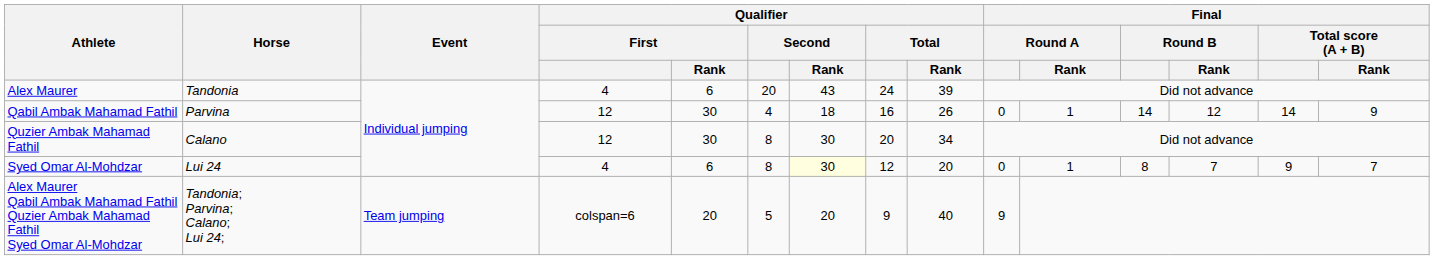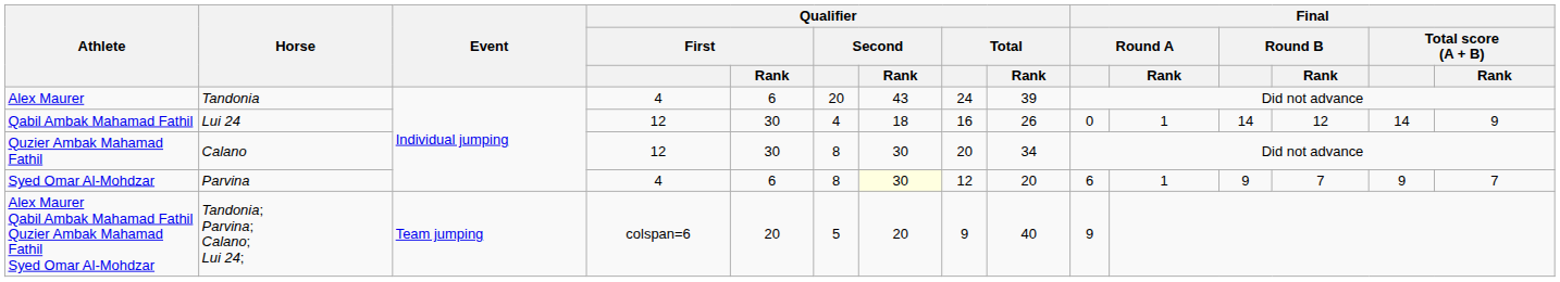 <table class="wikitable" width="100%" style="text-align:center; font-size:90%;">
 <tr>
 <th rowspan="3" width="10%">Athlete</th>
 <th rowspan="3" width="10%">Horse</th>
 <th rowspan="3" width="10%">Event</th>
 <th colspan="6" width="25%">Qualifier</th>
 <th colspan="6" width="25%">Final</th>
 </tr>
 <tr>
 <th colspan="2">First</th>
 <th colspan="2">Second</th>
 <th colspan="2">Total</th>
 <th colspan="2">Round A</th>
 <th colspan="2">Round B</th>
 <th colspan="2">Total score<br>(A + B)</th>
 </tr>
 <tr>
 <th></th>
 <th>Rank</th>
 <th></th>
 <th>Rank</th>
 <th></th>
 <th>Rank</th>
 <th></th>
 <th>Rank</th>
 <th></th>
 <th>Rank</th>
 <th></th>
 <th>Rank</th>
 </tr>
 <tr>
 <td align=left><a href='#'>Alex Maurer</a></td>
 <td align=left><em>Tandonia</em></td>
 <td align=left rowspan=4><a href='#'>Individual jumping</a></td>
 <td>4</td>
 <td>6 <strong></strong></td>
 <td>20</td>
 <td>43</td>
 <td>24</td>
 <td>39</td>
 <td colspan=6>Did not advance</td>
 </tr>
 <tr>
 <td align=left><a href='#'>Qabil Ambak Mahamad Fathil</a></td>
-<td align=left><em>Parvina</em></td>
+<td align=left><em>Lui 24</em></td>
 <td>12</td>
 <td>30 <strong></strong></td>
 <td>4</td>
 <td>18</td>
 <td>16</td>
 <td>26 <strong></strong></td>
 <td>0</td>
 <td>1 <strong></strong></td>
 <td>14</td>
 <td>12</td>
 <td>14</td>
 <td>9</td>
 </tr>
 <tr>
 <td align=left><a href='#'>Quzier Ambak Mahamad Fathil</a></td>
 <td align=left><em>Calano</em></td>
 <td>12</td>
 <td>30 <strong></strong></td>
 <td>8</td>
 <td>30</td>
 <td>20</td>
 <td>34</td>
 <td colspan=6>Did not advance</td>
 </tr>
 <tr>
 <td align=left><a href='#'>Syed Omar Al-Mohdzar</a></td>
-<td align=left><em>Lui 24</em></td>
+<td align=left><em>Parvina</em></td>
 <td>4</td>
 <td>6 <strong></strong></td>
 <td>8</td>
 <td style="background: lightyellow;">30</td>
 <td>12</td>
 <td>20 <strong></strong></td>
-<td>0</td>
+<td>6</td>
 <td>1 <strong></strong></td>
-<td>8</td>
+<td>9</td>
 <td>7</td>
 <td>9</td>
 <td>7</td>
 </tr>
 <tr>
 <td align=left><a href='#'>Alex Maurer</a><br><a href='#'>Qabil Ambak Mahamad Fathil</a><br><a href='#'>Quzier Ambak Mahamad Fathil</a><br><a href='#'>Syed Omar Al-Mohdzar</a></td>
 <td align=left><em>Tandonia</em>;<br><em>Parvina</em>;<br><em>Calano</em>;<br><em>Lui 24</em>;</td>
 <td align=left rowspan=2><a href='#'>Team jumping</a></td>
 <td>colspan=6 </td>
 <td>20</td>
 <td>5 <strong></strong></td>
 <td>20</td>
 <td>9</td>
 <td>40</td>
 <td>9</td>
 </tr>
 </table>
